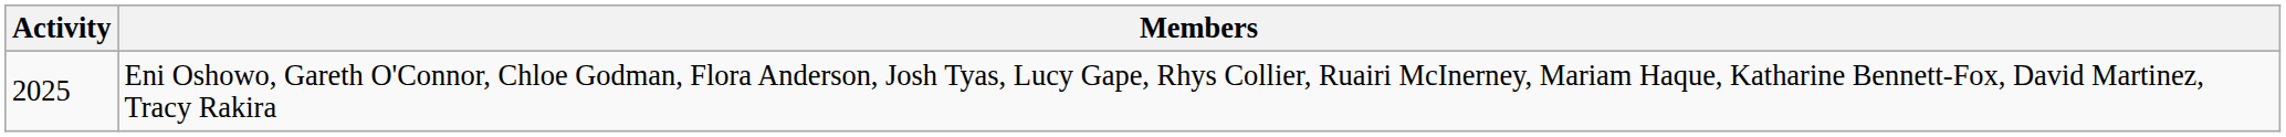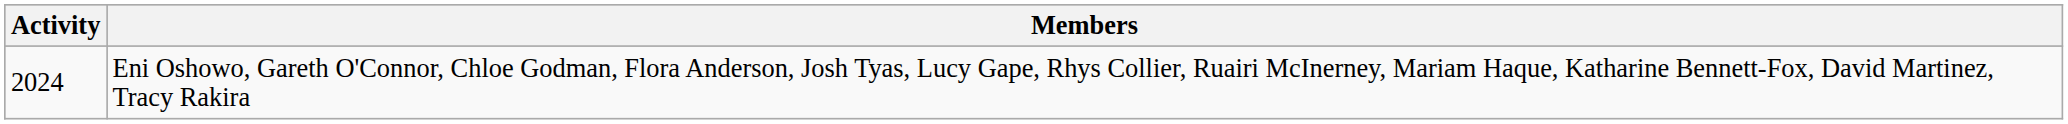 <table class="wikitable">
 <tr>
 <th>Activity</th>
 <th>Members</th>
 </tr>
 <tr>
-<td>2025</td>
+<td>2024</td>
 <td>Eni Oshowo, Gareth O'Connor, Chloe Godman, Flora Anderson, Josh Tyas, Lucy Gape, Rhys Collier, Ruairi McInerney, Mariam Haque, Katharine Bennett-Fox, David Martinez, Tracy Rakira </td>
 </tr>
 </table>
